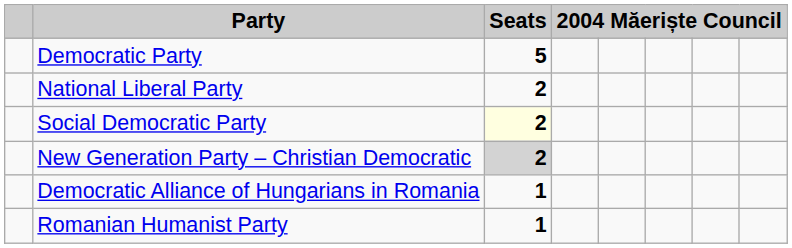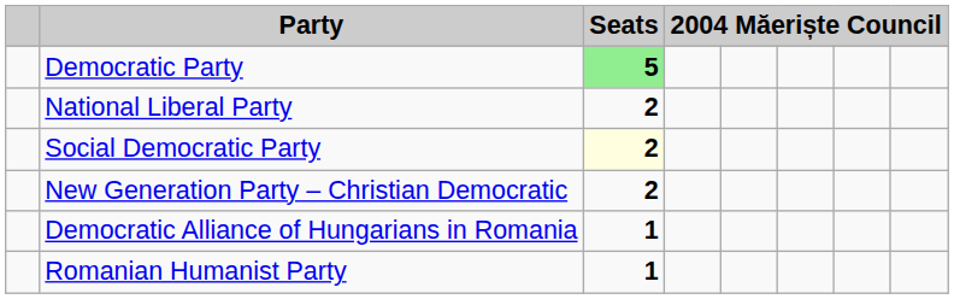 <table class="wikitable">
 <tr>
 <th style="background:#ccc">   </th>
 <th style="background:#ccc">Party</th>
 <th style="background:#ccc">Seats</th>
 <th style="background:#ccc" colspan="8">2004 Măeriște Council</th>
 </tr>
 <tr>
 <td>  </td>
 <td><a href='#'>Democratic Party</a></td>
-<td style="text-align: right"><strong>5</strong></td>
+<td style="background: lightgreen; text-align: right"><strong>5</strong></td>
 <td>  </td>
 <td>  </td>
 <td>  </td>
 <td>  </td>
 <td>  </td>
 </tr>
 <tr>
 <td>  </td>
 <td><a href='#'>National Liberal Party</a></td>
 <td style="text-align: right"><strong>2</strong></td>
 <td>  </td>
 <td>  </td>
 <td> </td>
 <td> </td>
 <td> </td>
 </tr>
 <tr>
 <td>  </td>
 <td><a href='#'>Social Democratic Party</a></td>
 <td style="background: lightyellow; text-align: right"><strong>2</strong></td>
 <td>  </td>
 <td>  </td>
 <td> </td>
 <td> </td>
 <td> </td>
 </tr>
 <tr>
 <td>  </td>
 <td><a href='#'>New Generation Party – Christian Democratic</a></td>
-<td style="background: lightgrey; text-align: right"><strong>2</strong></td>
+<td style="text-align: right"><strong>2</strong></td>
 <td>  </td>
 <td>  </td>
 <td> </td>
 <td> </td>
 <td> </td>
 </tr>
 <tr>
 <td>  </td>
 <td><a href='#'>Democratic Alliance of Hungarians in Romania</a></td>
 <td style="text-align: right"><strong>1</strong></td>
 <td>  </td>
 <td> </td>
 <td> </td>
 <td> </td>
 <td> </td>
 </tr>
 <tr>
 <td>  </td>
 <td><a href='#'>Romanian Humanist Party</a></td>
 <td style="text-align: right"><strong>1</strong></td>
 <td>  </td>
 <td> </td>
 <td> </td>
 <td> </td>
 <td> </td>
 </tr>
 </table>
